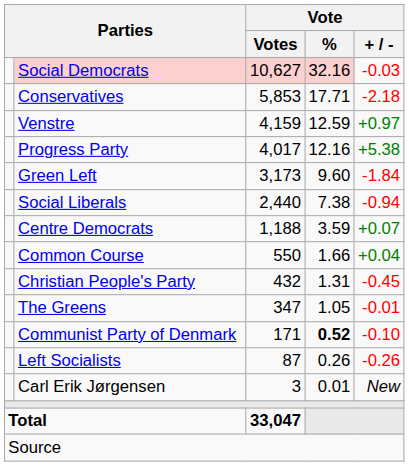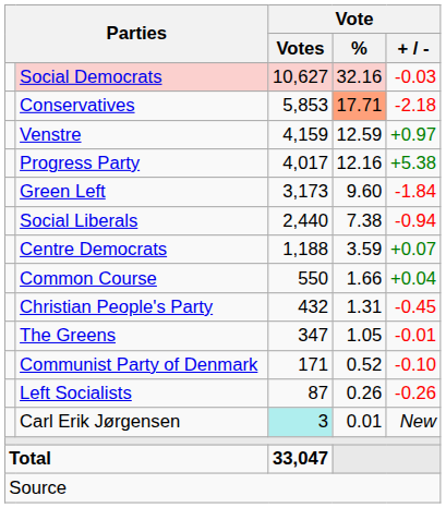 <table class="wikitable" style="text-align:right;">
 <tr>
 <th style="text-align:centre;" rowspan="2" colspan="2" width="225">Parties</th>
 <th colspan="3">Vote</th>
 </tr>
 <tr>
 <th width="15">Votes</th>
 <th width="15">%</th>
 <th width="15">+ / -</th>
 </tr>
 <tr>
 <td width="2" style="color:inherit;background:"></td>
 <td bgcolor=#fbd0ce  align="left"><a href='#'>Social Democrats</a></td>
 <td bgcolor=#fbd0ce>10,627</td>
 <td bgcolor=#fbd0ce>32.16</td>
 <td style=color:red;>-0.03</td>
 </tr>
 <tr>
 <td width="2" style="color:inherit;background:"></td>
 <td align="left"><a href='#'>Conservatives</a></td>
 <td>5,853</td>
-<td>17.71</td>
+<td style="background: lightsalmon;">17.71</td>
 <td style=color:red;>-2.18</td>
 </tr>
 <tr>
 <td width="2" style="color:inherit;background:"></td>
 <td align="left"><a href='#'>Venstre</a></td>
 <td>4,159</td>
 <td>12.59</td>
 <td style=color:green;>+0.97</td>
 </tr>
 <tr>
 <td width="2" style="color:inherit;background:"></td>
 <td align="left"><a href='#'>Progress Party</a></td>
 <td>4,017</td>
 <td>12.16</td>
 <td style=color:green;>+5.38</td>
 </tr>
 <tr>
 <td width="2" style="color:inherit;background:"></td>
 <td align="left"><a href='#'>Green Left</a></td>
 <td>3,173</td>
 <td>9.60</td>
 <td style=color:red;>-1.84</td>
 </tr>
 <tr>
 <td width="2" style="color:inherit;background:"></td>
 <td align="left"><a href='#'>Social Liberals</a></td>
 <td>2,440</td>
 <td>7.38</td>
 <td style=color:red;>-0.94</td>
 </tr>
 <tr>
 <td width="2" style="color:inherit;background:"></td>
 <td align="left"><a href='#'>Centre Democrats</a></td>
 <td>1,188</td>
 <td>3.59</td>
 <td style=color:green;>+0.07</td>
 </tr>
 <tr>
 <td width="2" style="color:inherit;background:"></td>
 <td align="left"><a href='#'>Common Course</a></td>
 <td>550</td>
 <td>1.66</td>
 <td style=color:green;>+0.04</td>
 </tr>
 <tr>
 <td width="2" style="color:inherit;background:"></td>
 <td align="left"><a href='#'>Christian People's Party</a></td>
 <td>432</td>
 <td>1.31</td>
 <td style=color:red;>-0.45</td>
 </tr>
 <tr>
 <td width="2" style="color:inherit;background:"></td>
 <td align="left"><a href='#'>The Greens</a></td>
 <td>347</td>
 <td>1.05</td>
 <td style=color:red;>-0.01</td>
 </tr>
 <tr>
 <td width="2" style="color:inherit;background:"></td>
 <td align="left"><a href='#'>Communist Party of Denmark</a></td>
 <td>171</td>
-<td><strong>0.52</strong></td>
+<td>0.52</td>
 <td style=color:red;>-0.10</td>
 </tr>
 <tr>
 <td width="2" style="color:inherit;background:"></td>
 <td align="left"><a href='#'>Left Socialists</a></td>
 <td>87</td>
 <td>0.26</td>
 <td style=color:red;>-0.26</td>
 </tr>
 <tr>
 <td width="2" style="color:inherit;background:"></td>
 <td align="left">Carl Erik Jørgensen</td>
-<td>3</td>
+<td style="background: paleturquoise;">3</td>
 <td>0.01</td>
 <td><em>New</em></td>
 </tr>
 <tr>
 <td colspan="7" bgcolor="#E9E9E9"></td>
 </tr>
 <tr>
 <td align="left" colspan="2"><strong>Total</strong></td>
 <td><strong>33,047</strong></td>
 <td bgcolor="#E9E9E9" colspan="2"></td>
 </tr>
 <tr>
 <td align="left" colspan="6">Source</td>
 </tr>
 </table>
